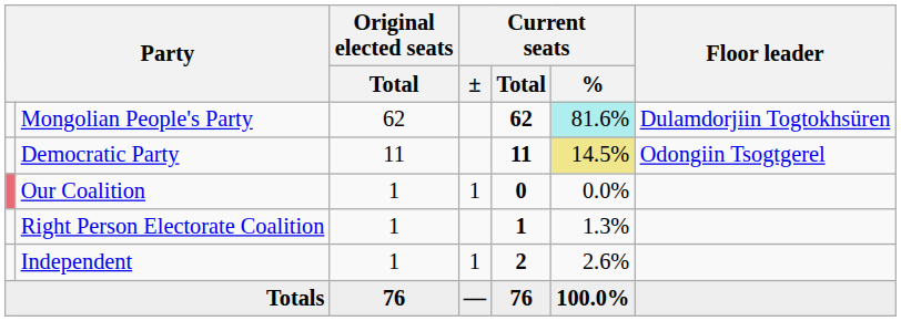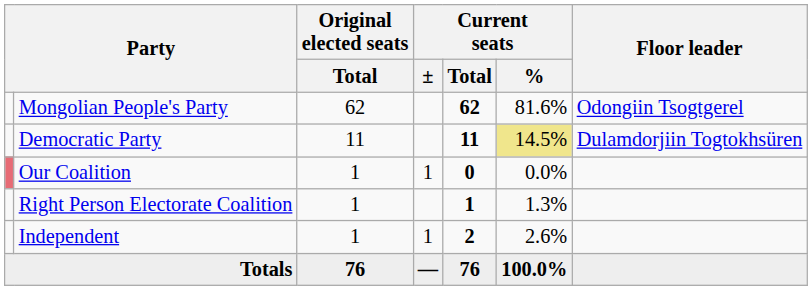 <table class="wikitable" style="text-align:center">
 <tr>
 <th scope="col" rowspan="2" colspan="2">Party</th>
 <th scope="col" colspan="1">Original<br>elected seats</th>
 <th scope="col" colspan="3">Current<br>seats</th>
 <th scope="col" rowspan="2">Floor leader</th>
 </tr>
 <tr>
 <th scope="col">Total</th>
 <th scope="col">±</th>
 <th scope="col">Total</th>
 <th scope="col">%</th>
 </tr>
 <tr>
 <td scope="row" style="background:"></td>
 <td style="text-align:left"><a href='#'>Mongolian People's Party</a></td>
 <td>62</td>
 <td></td>
 <td><strong>62</strong></td>
-<td style="background: paleturquoise; text-align:right">81.6%</td>
-<td style="text-align:left"><a href='#'>Dulamdorjiin Togtokhsüren</a></td>
+<td style="text-align:right">81.6%</td>
+<td style="text-align:left"><a href='#'>Odongiin Tsogtgerel</a></td>
 </tr>
 <tr>
 <td scope="row" style="background:"></td>
 <td style="text-align:left"><a href='#'>Democratic Party</a></td>
 <td>11</td>
 <td></td>
 <td><strong>11</strong></td>
 <td style="background: khaki; text-align:right">14.5%</td>
-<td style="text-align:left"><a href='#'>Odongiin Tsogtgerel</a></td>
+<td style="text-align:left"><a href='#'>Dulamdorjiin Togtokhsüren</a></td>
 </tr>
 <tr>
 <td scope="row" style="background:#e76b75"></td>
 <td style="text-align:left"><a href='#'>Our Coalition</a></td>
 <td>1</td>
 <td> 1</td>
 <td><strong>0</strong></td>
 <td style="text-align:right">0.0%</td>
 <td></td>
 </tr>
 <tr>
 <td scope="row" style="background:"></td>
 <td style="text-align:left"><a href='#'>Right Person Electorate Coalition</a></td>
 <td>1</td>
 <td></td>
 <td><strong>1</strong></td>
 <td style="text-align:right">1.3%</td>
 <td></td>
 </tr>
 <tr>
 <td scope="row" style="background:"></td>
 <td style="text-align:left"><a href='#'>Independent</a></td>
 <td>1</td>
 <td> 1</td>
 <td><strong>2</strong></td>
 <td style="text-align:right">2.6%</td>
 <td></td>
 </tr>
 <tr style="background:#eee;">
 <td scope="row" colspan="2" style="text-align:right"><strong>Totals</strong></td>
 <td><strong>76</strong></td>
 <td><strong>—</strong></td>
 <td><strong>76</strong></td>
 <td style="text-align:right"><strong>100.0%</strong></td>
 <td></td>
 </tr>
 </table>
